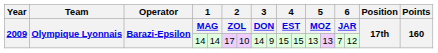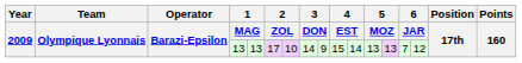 <table class="wikitable" style="text-align:center; font-size:85%">
 <tr>
 <th>Year</th>
 <th>Team</th>
 <th>Operator</th>
 <th colspan=2>1</th>
 <th colspan=2>2</th>
 <th colspan=2>3</th>
 <th colspan=2>4</th>
 <th colspan=2>5</th>
 <th colspan=2>6</th>
 <th>Position</th>
 <th>Points</th>
 </tr>
 <tr>
 <th rowspan=2><a href='#'>2009</a></th>
 <th rowspan=2 nowrap><a href='#'>Olympique Lyonnais</a></th>
 <th rowspan=2 nowrap><a href='#'>Barazi-Epsilon</a></th>
 <th colspan=2><a href='#'>MAG</a></th>
 <th colspan=2><a href='#'>ZOL</a></th>
 <th colspan=2><a href='#'>DON</a></th>
 <th colspan=2><a href='#'>EST</a></th>
 <th colspan=2><a href='#'>MOZ</a></th>
 <th colspan=2><a href='#'>JAR</a></th>
 <th rowspan=2>17th</th>
 <th rowspan=2>160</th>
 </tr>
 <tr>
-<td style="background:#dfffdf;">14</td>
-<td style="background:#dfffdf;">14</td>
+<td style="background:#dfffdf;">13</td>
+<td style="background:#dfffdf;">13</td>
 <td style="background:#efcfff;">17</td>
 <td style="background:#efcfff;">10</td>
 <td style="background:#dfffdf;">14</td>
 <td style="background:#dfffdf;">9</td>
 <td style="background:#dfffdf;">15</td>
-<td style="background:#dfffdf;">15</td>
+<td style="background:#dfffdf;">14</td>
 <td style="background:#dfffdf;">13</td>
 <td style="background:#efcfff;">13</td>
 <td style="background:#dfffdf;">7</td>
 <td style="background:#dfffdf;">12</td>
 </tr>
 </table>
